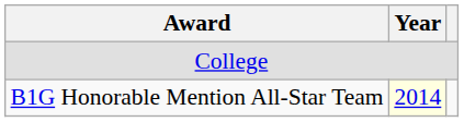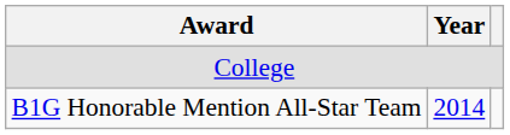 <table class="wikitable">
 <tr>
 <th>Award</th>
 <th>Year</th>
 <th></th>
 </tr>
 <tr ALIGN="center" bgcolor="#e0e0e0">
 <td colspan="3"><a href='#'>College</a></td>
 </tr>
 <tr>
 <td><a href='#'>B1G</a> Honorable Mention All-Star Team</td>
-<td style="background: lightyellow;"><a href='#'>2014</a></td>
+<td><a href='#'>2014</a></td>
 <td></td>
 </tr>
 </table>
